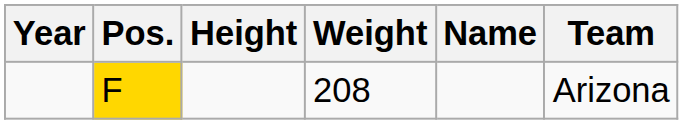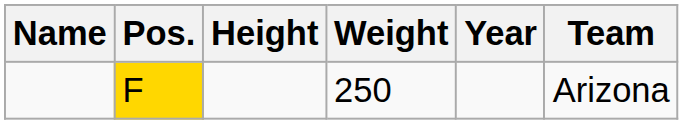 <table class="wikitable sortable" style="font-size:110%;" border="1">
 <tr>
-<th>Year</th>
+<th>Name</th>
 <th>Pos.</th>
 <th>Height</th>
 <th>Weight</th>
-<th>Name</th>
+<th>Year</th>
 <th>Team</th>
 </tr>
 <tr>
 <td></td>
 <td style="background: gold;">F</td>
 <td></td>
-<td>208</td>
+<td>250</td>
 <td></td>
 <td>Arizona</td>
 </tr>
 </table>
